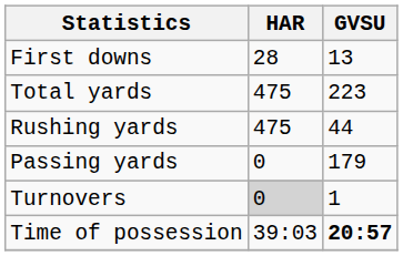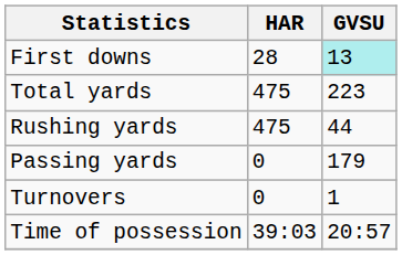 <table class="wikitable" style="float: left;">
 <tr>
 <th>Statistics</th>
 <th>HAR</th>
 <th>GVSU</th>
 </tr>
 <tr>
 <td>First downs</td>
 <td>28</td>
-<td>13</td>
+<td style="background: paleturquoise;">13</td>
 </tr>
 <tr>
 <td>Total yards</td>
 <td>475</td>
 <td>223</td>
 </tr>
 <tr>
 <td>Rushing yards</td>
 <td>475</td>
 <td>44</td>
 </tr>
 <tr>
 <td>Passing yards</td>
 <td>0</td>
 <td>179</td>
 </tr>
 <tr>
 <td>Turnovers</td>
-<td style="background: lightgrey;">0</td>
+<td>0</td>
 <td>1</td>
 </tr>
 <tr>
 <td>Time of possession</td>
 <td>39:03</td>
-<td><strong>20:57</strong></td>
+<td>20:57</td>
 </tr>
 <tr>
 </tr>
 </table>
